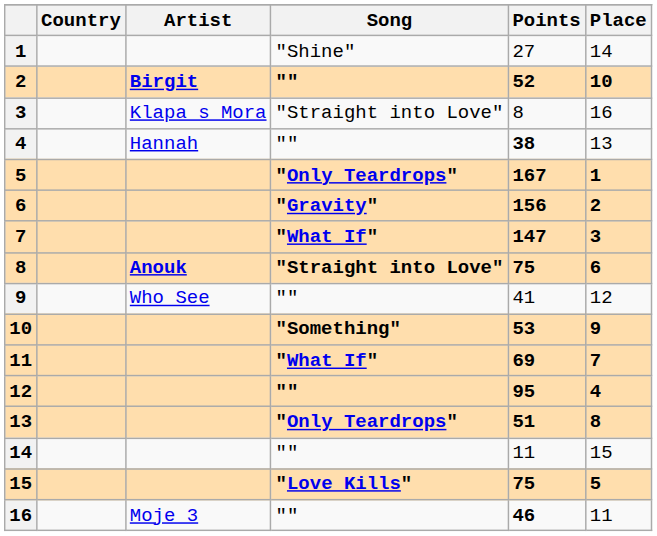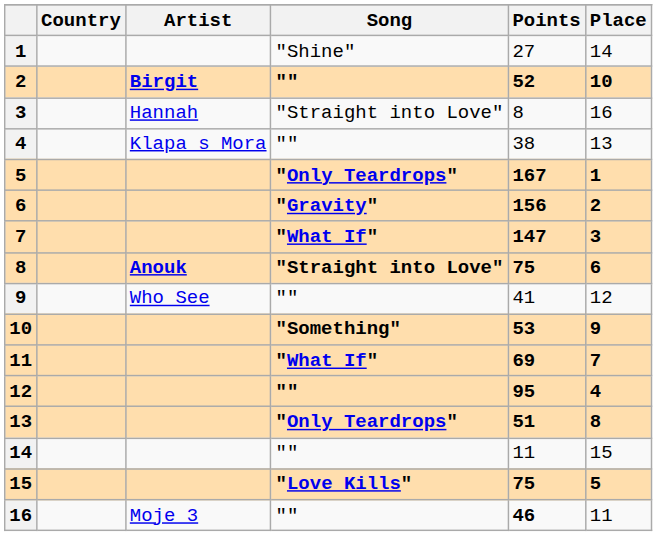 <table class="sortable wikitable plainrowheaders">
 <tr>
 </tr>
 <tr>
 <th scope="col"></th>
 <th scope="col">Country</th>
 <th scope="col">Artist</th>
 <th scope="col">Song</th>
 <th scope="col">Points</th>
 <th scope="col">Place</th>
 </tr>
 <tr>
 <th scope="row" style="text-align:center;">1</th>
 <td></td>
 <td></td>
 <td>"Shine"</td>
 <td>27</td>
 <td>14</td>
 </tr>
 <tr style="font-weight:bold; background:navajowhite;">
 <th scope="row" style="text-align:center; font-weight:bold; background:navajowhite;">2</th>
 <td></td>
 <td><a href='#'>Birgit</a></td>
 <td>""</td>
 <td>52</td>
 <td>10</td>
 </tr>
 <tr>
 <th scope="row" style="text-align:center;">3</th>
 <td></td>
-<td><a href='#'>Klapa s Mora</a></td>
+<td><a href='#'>Hannah</a></td>
 <td>"Straight into Love"</td>
 <td>8</td>
 <td>16</td>
 </tr>
 <tr>
 <th scope="row" style="text-align:center;">4</th>
 <td></td>
-<td><a href='#'>Hannah</a></td>
+<td><a href='#'>Klapa s Mora</a></td>
 <td>""</td>
-<td><strong>38</strong></td>
+<td>38</td>
 <td>13</td>
 </tr>
 <tr style="font-weight:bold; background:navajowhite;">
 <th scope="row" style="text-align:center; font-weight:bold; background:navajowhite;">5</th>
 <td></td>
 <td></td>
 <td>"<a href='#'>Only Teardrops</a>"</td>
 <td>167</td>
 <td>1</td>
 </tr>
 <tr style="font-weight:bold; background:navajowhite;">
 <th scope="row" style="text-align:center; font-weight:bold; background:navajowhite;">6</th>
 <td></td>
 <td></td>
 <td>"<a href='#'>Gravity</a>"</td>
 <td>156</td>
 <td>2</td>
 </tr>
 <tr style="font-weight:bold; background:navajowhite;">
 <th scope="row" style="text-align:center; font-weight:bold; background:navajowhite;">7</th>
 <td></td>
 <td></td>
 <td>"<a href='#'>What If</a>"</td>
 <td>147</td>
 <td>3</td>
 </tr>
 <tr style="font-weight:bold; background:navajowhite;">
 <th scope="row" style="text-align:center; font-weight:bold; background:navajowhite;">8</th>
 <td></td>
 <td><a href='#'>Anouk</a></td>
 <td>"Straight into Love"</td>
 <td>75</td>
 <td>6</td>
 </tr>
 <tr>
 <th scope="row" style="text-align:center;">9</th>
 <td></td>
 <td><a href='#'>Who See</a></td>
 <td>""</td>
 <td>41</td>
 <td>12</td>
 </tr>
 <tr style="font-weight:bold; background:navajowhite;">
 <th scope="row" style="text-align:center; font-weight:bold; background:navajowhite;">10</th>
 <td></td>
 <td></td>
 <td>"Something"</td>
 <td>53</td>
 <td>9</td>
 </tr>
 <tr style="font-weight:bold; background:navajowhite;">
 <th scope="row" style="text-align:center; font-weight:bold; background:navajowhite;">11</th>
 <td></td>
 <td></td>
 <td>"<a href='#'>What If</a>"</td>
 <td>69</td>
 <td>7</td>
 </tr>
 <tr style="font-weight:bold; background:navajowhite;">
 <th scope="row" style="text-align:center; font-weight:bold; background:navajowhite;">12</th>
 <td></td>
 <td></td>
 <td>""</td>
 <td>95</td>
 <td>4</td>
 </tr>
 <tr style="font-weight:bold; background:navajowhite;">
 <th scope="row" style="text-align:center; font-weight:bold; background:navajowhite;">13</th>
 <td></td>
 <td></td>
 <td>"<a href='#'>Only Teardrops</a>"</td>
 <td>51</td>
 <td>8</td>
 </tr>
 <tr>
 <th scope="row" style="text-align:center;">14</th>
 <td></td>
 <td></td>
 <td>""</td>
 <td>11</td>
 <td>15</td>
 </tr>
 <tr style="font-weight:bold; background:navajowhite;">
 <th scope="row" style="text-align:center; font-weight:bold; background:navajowhite;">15</th>
 <td></td>
 <td></td>
 <td>"<a href='#'>Love Kills</a>"</td>
 <td>75</td>
 <td>5</td>
 </tr>
 <tr>
 <th scope="row" style="text-align:center;">16</th>
 <td></td>
 <td><a href='#'>Moje 3</a></td>
 <td>""</td>
 <td><strong>46</strong></td>
 <td>11</td>
 </tr>
 </table>
